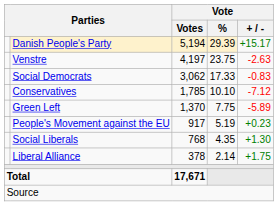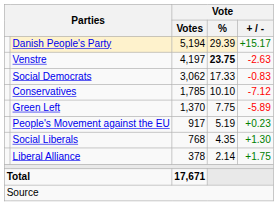 <table class="wikitable" style="text-align:right;">
 <tr>
 <th style="text-align:centre;" rowspan="2" colspan="2" width="225">Parties</th>
 <th colspan="3">Vote</th>
 </tr>
 <tr>
 <th width="15">Votes</th>
 <th width="15">%</th>
 <th width="15">+ / -</th>
 </tr>
 <tr>
 <td width="2" style="color:inherit;background:"></td>
 <td bgcolor=#fef2cc   align="left"><a href='#'>Danish People's Party</a></td>
 <td bgcolor=#fef2cc>5,194</td>
 <td bgcolor=#fef2cc>29.39</td>
 <td style=color:green;>+15.17</td>
 </tr>
 <tr>
 <td width="2" style="color:inherit;background:"></td>
 <td align="left"><a href='#'>Venstre</a></td>
 <td>4,197</td>
-<td>23.75</td>
+<td><strong>23.75</strong></td>
 <td style=color:red;>-2.63</td>
 </tr>
 <tr>
 <td width="2" style="color:inherit;background:"></td>
 <td align="left"><a href='#'>Social Democrats</a></td>
 <td>3,062</td>
 <td>17.33</td>
 <td style=color:red;>-0.83</td>
 </tr>
 <tr>
 <td width="2" style="color:inherit;background:"></td>
 <td align="left"><a href='#'>Conservatives</a></td>
 <td>1,785</td>
 <td>10.10</td>
 <td style=color:red;>-7.12</td>
 </tr>
 <tr>
 <td width="2" style="color:inherit;background:"></td>
 <td align="left"><a href='#'>Green Left</a></td>
 <td>1,370</td>
 <td>7.75</td>
 <td style=color:red;>-5.89</td>
 </tr>
 <tr>
 <td width="2" style="color:inherit;background:"></td>
 <td align="left"><a href='#'>People's Movement against the EU</a></td>
 <td>917</td>
 <td>5.19</td>
 <td style=color:green;>+0.23</td>
 </tr>
 <tr>
 <td width="2" style="color:inherit;background:"></td>
 <td align="left"><a href='#'>Social Liberals</a></td>
 <td>768</td>
 <td>4.35</td>
 <td style=color:green;>+1.30</td>
 </tr>
 <tr>
 <td width="2" style="color:inherit;background:"></td>
 <td align="left"><a href='#'>Liberal Alliance</a></td>
 <td>378</td>
 <td>2.14</td>
 <td style=color:green;>+1.75</td>
 </tr>
 <tr>
 <td colspan="7" bgcolor="#E9E9E9"></td>
 </tr>
 <tr>
 <td align="left" colspan="2"><strong>Total</strong></td>
 <td><strong>17,671</strong></td>
 <td bgcolor="#E9E9E9" colspan="2"></td>
 </tr>
 <tr>
 <td align="left" colspan="6">Source</td>
 </tr>
 </table>
